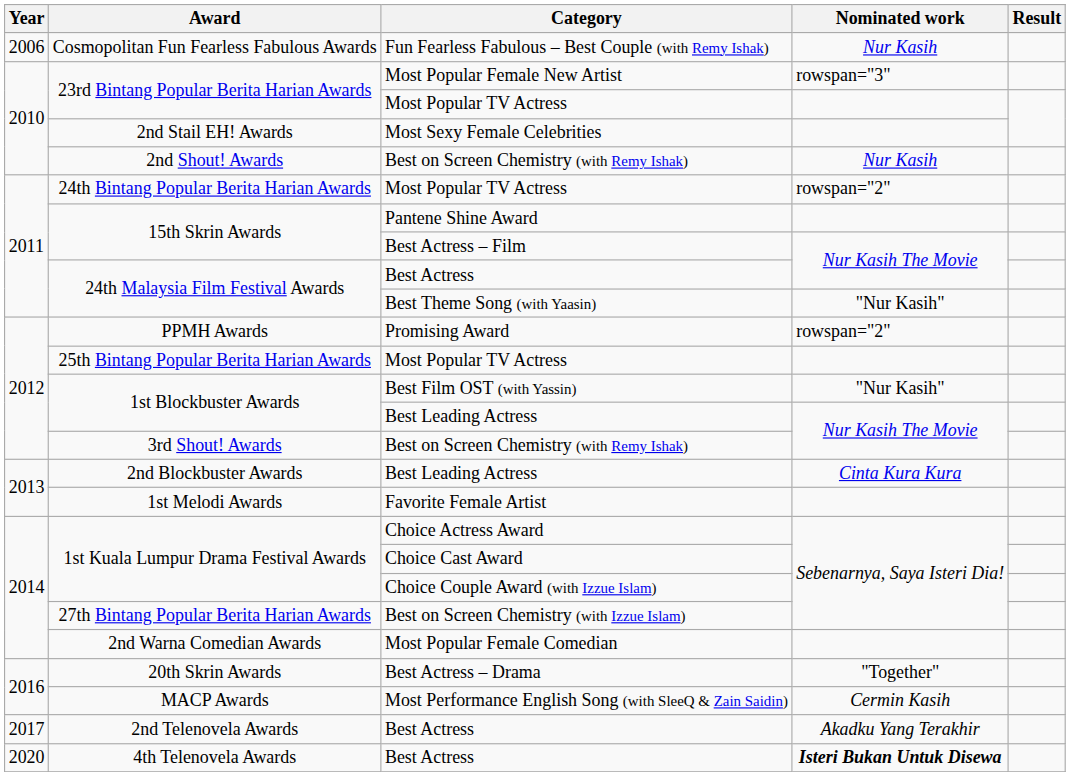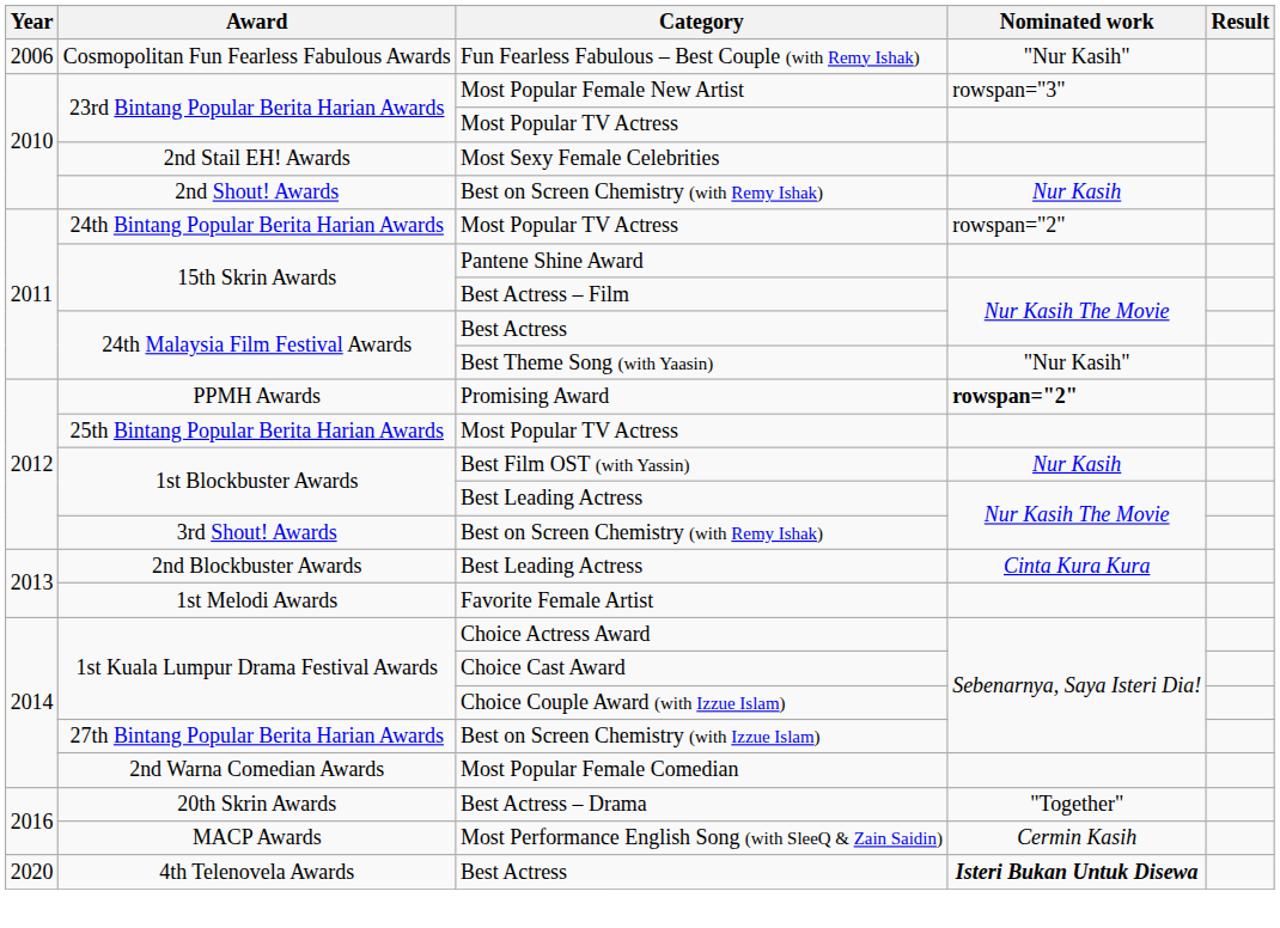 <table class="wikitable">
 <tr style="text-align:center;">
 <th>Year</th>
 <th>Award</th>
 <th>Category</th>
 <th>Nominated work</th>
 <th>Result</th>
 </tr>
 <tr>
 <td>2006</td>
 <td style="text-align:center;">Cosmopolitan Fun Fearless Fabulous Awards</td>
 <td>Fun Fearless Fabulous – Best Couple <small>(with <a href='#'>Remy Ishak</a>)</small></td>
-<td style="text-align:center;"><em><a href='#'>Nur Kasih</a></em></td>
+<td style="text-align:center">"Nur Kasih"</td>
 <td></td>
 </tr>
 <tr>
 <td rowspan="4">2010</td>
 <td rowspan="2" style="text-align:center;">23rd <a href='#'>Bintang Popular Berita Harian Awards</a></td>
 <td>Most Popular Female New Artist</td>
 <td>rowspan="3" </td>
 <td></td>
 </tr>
 <tr>
 <td>Most Popular TV Actress</td>
 <td></td>
 </tr>
 <tr>
 <td style="text-align:center;">2nd Stail EH! Awards</td>
 <td>Most Sexy Female Celebrities</td>
 <td></td>
 </tr>
 <tr>
 <td style="text-align:center;">2nd <a href='#'>Shout! Awards</a></td>
 <td>Best on Screen Chemistry <small>(with <a href='#'>Remy Ishak</a>)</small></td>
 <td style="text-align:center"><em><a href='#'>Nur Kasih</a></em></td>
 <td></td>
 </tr>
 <tr>
 <td rowspan="5">2011</td>
 <td style="text-align:center;">24th <a href='#'>Bintang Popular Berita Harian Awards</a></td>
 <td>Most Popular TV Actress</td>
 <td>rowspan="2" </td>
 <td></td>
 </tr>
 <tr>
 <td rowspan="2" style="text-align:center;">15th Skrin Awards</td>
 <td>Pantene Shine Award</td>
 <td></td>
 </tr>
 <tr>
 <td>Best Actress – Film</td>
 <td rowspan="2" style="text-align:center"><em><a href='#'>Nur Kasih The Movie</a></em></td>
 <td></td>
 </tr>
 <tr>
 <td rowspan="2" style="text-align:center;">24th <a href='#'>Malaysia Film Festival</a> Awards</td>
 <td>Best Actress</td>
 <td></td>
 </tr>
 <tr>
 <td>Best Theme Song <small>(with Yaasin)</small></td>
 <td style="text-align:center">"Nur Kasih"</td>
 <td></td>
 </tr>
 <tr>
 <td rowspan="5">2012</td>
 <td style="text-align:center;">PPMH Awards</td>
 <td>Promising Award</td>
-<td>rowspan="2" </td>
+<td><strong>rowspan="2" </strong></td>
 <td></td>
 </tr>
 <tr>
 <td style="text-align:center;">25th <a href='#'>Bintang Popular Berita Harian Awards</a></td>
 <td>Most Popular TV Actress</td>
 <td></td>
 </tr>
 <tr>
 <td rowspan="2" style="text-align:center;">1st Blockbuster Awards</td>
 <td>Best Film OST <small>(with Yassin)</small></td>
-<td style="text-align:center">"Nur Kasih"</td>
+<td style="text-align:center;"><em><a href='#'>Nur Kasih</a></em></td>
 <td></td>
 </tr>
 <tr>
 <td>Best Leading Actress</td>
 <td rowspan="2" style="text-align:center"><em><a href='#'>Nur Kasih The Movie</a></em></td>
 <td></td>
 </tr>
 <tr>
 <td style="text-align:center;">3rd <a href='#'>Shout! Awards</a></td>
 <td>Best on Screen Chemistry <small>(with <a href='#'>Remy Ishak</a>)</small></td>
 <td></td>
 </tr>
 <tr>
 <td rowspan="2">2013</td>
 <td style="text-align:center;">2nd Blockbuster Awards</td>
 <td>Best Leading Actress</td>
 <td style="text-align:center"><em><a href='#'>Cinta Kura Kura</a></em></td>
 <td></td>
 </tr>
 <tr>
 <td style="text-align:center;">1st Melodi Awards</td>
 <td>Favorite Female Artist</td>
 <td></td>
 <td></td>
 </tr>
 <tr>
 <td rowspan="5">2014</td>
 <td rowspan="3" style="text-align:center;">1st Kuala Lumpur Drama Festival Awards</td>
 <td>Choice Actress Award</td>
 <td rowspan="4" style="text-align:center"><em>Sebenarnya, Saya Isteri Dia!</em></td>
 <td></td>
 </tr>
 <tr>
 <td>Choice Cast Award</td>
 <td></td>
 </tr>
 <tr>
 <td>Choice Couple Award <small>(with <a href='#'>Izzue Islam</a>)</small></td>
 <td></td>
 </tr>
 <tr>
 <td style="text-align:center;">27th <a href='#'>Bintang Popular Berita Harian Awards</a></td>
 <td>Best on Screen Chemistry <small>(with <a href='#'>Izzue Islam</a>)</small></td>
 <td></td>
 </tr>
 <tr>
 <td style="text-align:center;">2nd Warna Comedian Awards</td>
 <td>Most Popular Female Comedian</td>
 <td></td>
 <td></td>
 </tr>
 <tr>
 <td rowspan="2">2016</td>
 <td style="text-align:center;">20th Skrin Awards</td>
 <td>Best Actress – Drama</td>
 <td style="text-align:center">"Together"</td>
 <td></td>
 </tr>
 <tr>
 <td style="text-align:center;">MACP Awards</td>
 <td>Most Performance English Song <small>(with SleeQ & <a href='#'>Zain Saidin</a>)</small></td>
 <td style="text-align:center"><em>Cermin Kasih</em></td>
 <td></td>
 </tr>
 <tr>
-<td>2017</td>
-<td style="text-align:center;">2nd Telenovela Awards</td>
-<td>Best Actress</td>
-<td style="text-align:center;"><em>Akadku Yang Terakhir</em></td>
-<td></td>
-</tr>
-<tr>
 <td>2020</td>
 <td style="text-align:center;">4th Telenovela Awards</td>
 <td>Best Actress</td>
 <td style="text-align:center;"><strong><em>Isteri Bukan Untuk Disewa</em></strong></td>
 <td></td>
 </tr>
 </table>
